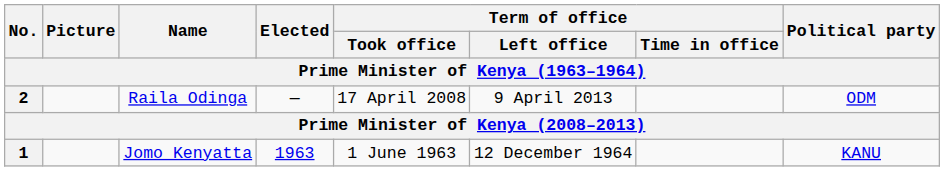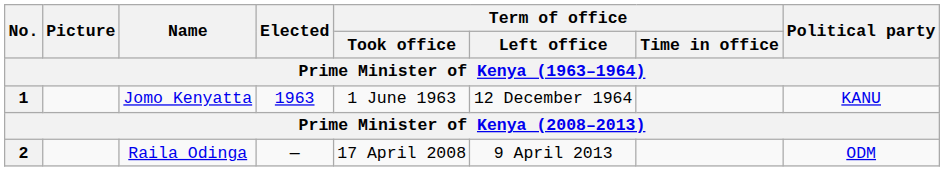 <table class="wikitable" style="text-align:center">
 <tr>
 <th rowspan="2">No.</th>
 <th rowspan="2">Picture</th>
 <th rowspan="2">Name<br></th>
 <th rowspan="2">Elected</th>
 <th colspan="3">Term of office</th>
 <th rowspan="2">Political party</th>
 </tr>
 <tr>
 <th>Took office</th>
 <th>Left office</th>
 <th>Time in office</th>
 </tr>
 <tr>
 <th colspan="8">Prime Minister of <a href='#'>Kenya (1963–1964)</a></th>
 </tr>
 <tr>
+<th style="background:">1</th>
+<td></td>
+<td><a href='#'>Jomo Kenyatta</a><br></td>
+<td><a href='#'>1963</a></td>
+<td>1 June 1963</td>
+<td>12 December 1964</td>
+<td></td>
+<td><a href='#'>KANU</a></td>
+</tr>
+<tr>
+<th colspan="8">Prime Minister of <a href='#'>Kenya (2008–2013)</a></th>
+</tr>
+<tr>
 <th style="background:">2</th>
 <td></td>
 <td><a href='#'>Raila Odinga</a><br></td>
 <td>—</td>
 <td>17 April 2008</td>
 <td>9 April 2013</td>
 <td></td>
 <td><a href='#'>ODM</a></td>
 </tr>
-<tr>
-<th colspan="8">Prime Minister of <a href='#'>Kenya (2008–2013)</a></th>
-</tr>
-<tr>
-<th style="background:">1</th>
-<td></td>
-<td><a href='#'>Jomo Kenyatta</a><br></td>
-<td><a href='#'>1963</a></td>
-<td>1 June 1963</td>
-<td>12 December 1964</td>
-<td></td>
-<td><a href='#'>KANU</a></td>
-</tr>
 </table>
